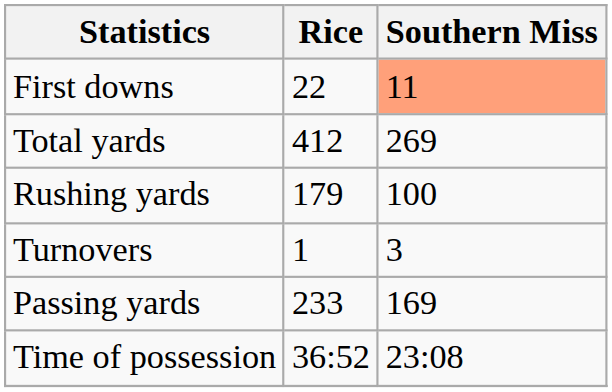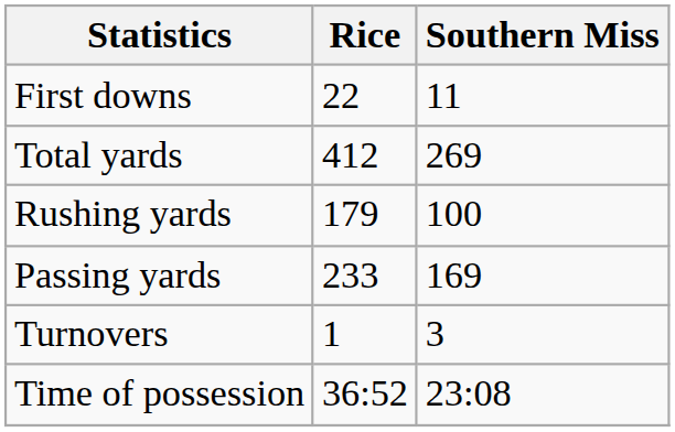 <table class="wikitable">
 <tr>
 <th>Statistics</th>
 <th>Rice</th>
 <th>Southern Miss</th>
 </tr>
 <tr>
 <td>First downs</td>
 <td>22</td>
-<td style="background: lightsalmon;">11</td>
+<td>11</td>
 </tr>
 <tr>
 <td>Total yards</td>
 <td>412</td>
 <td>269</td>
 </tr>
 <tr>
 <td>Rushing yards</td>
 <td>179</td>
 <td>100</td>
 </tr>
 <tr>
+<td>Passing yards</td>
+<td>233</td>
+<td>169</td>
+</tr>
+<tr>
 <td>Turnovers</td>
 <td>1</td>
 <td>3</td>
-</tr>
-<tr>
-<td>Passing yards</td>
-<td>233</td>
-<td>169</td>
 </tr>
 <tr>
 <td>Time of possession</td>
 <td>36:52</td>
 <td>23:08</td>
 </tr>
 <tr>
 </tr>
 </table>
